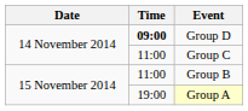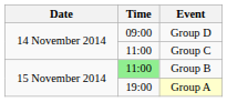 <table class = "wikitable" style="text-align:center;">
 <tr>
 <th width=150>Date</th>
 <th width=50>Time</th>
 <th width=80>Event</th>
 </tr>
 <tr>
 <td rowspan=2>14 November 2014</td>
-<td><strong>09:00</strong></td>
+<td>09:00</td>
 <td>Group D</td>
 </tr>
 <tr>
 <td>11:00</td>
 <td>Group C</td>
 </tr>
 <tr>
 <td rowspan=2>15 November 2014</td>
-<td>11:00</td>
+<td style="background: lightgreen;">11:00</td>
 <td>Group B</td>
 </tr>
 <tr>
 <td>19:00</td>
 <td bgcolor=ffffcc>Group A</td>
 </tr>
 </table>
